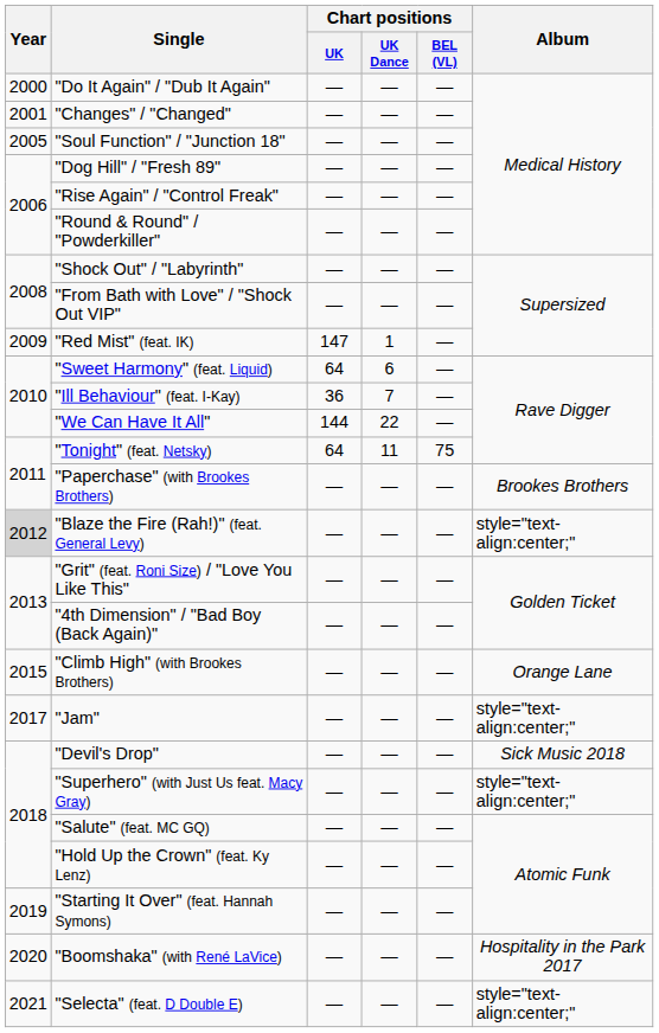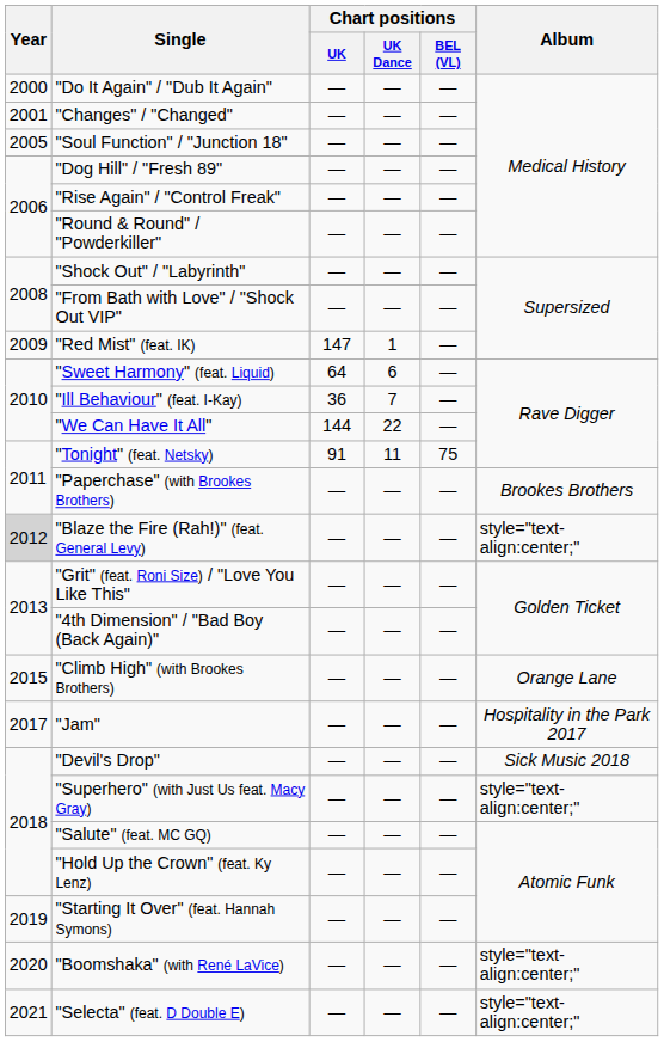 <table class="wikitable">
 <tr>
 <th rowspan="2">Year</th>
 <th rowspan="2">Single</th>
 <th colspan="3">Chart positions</th>
 <th rowspan="2">Album</th>
 </tr>
 <tr style="font-size:90%;">
 <th width=45><small> <a href='#'>UK</a><br></small></th>
 <th width=45><small> <a href='#'>UK<br>Dance</a></small></th>
 <th width=45><small> <a href='#'>BEL<br>(VL)</a><br></small></th>
 </tr>
 <tr>
 <td>2000</td>
 <td>"Do It Again" / "Dub It Again"</td>
 <td style="text-align:center;">—</td>
 <td style="text-align:center;">—</td>
 <td style="text-align:center;">—</td>
 <td rowspan="6" style="text-align:center;"><em>Medical History</em></td>
 </tr>
 <tr>
 <td>2001</td>
 <td>"Changes" / "Changed"</td>
 <td style="text-align:center;">—</td>
 <td style="text-align:center;">—</td>
 <td style="text-align:center;">—</td>
 </tr>
 <tr>
 <td>2005</td>
 <td>"Soul Function" / "Junction 18"</td>
 <td style="text-align:center;">—</td>
 <td style="text-align:center;">—</td>
 <td style="text-align:center;">—</td>
 </tr>
 <tr>
 <td rowspan="3">2006</td>
 <td>"Dog Hill" / "Fresh 89"</td>
 <td style="text-align:center;">—</td>
 <td style="text-align:center;">—</td>
 <td style="text-align:center;">—</td>
 </tr>
 <tr>
 <td>"Rise Again" / "Control Freak"</td>
 <td style="text-align:center;">—</td>
 <td style="text-align:center;">—</td>
 <td style="text-align:center;">—</td>
 </tr>
 <tr>
 <td>"Round & Round" / "Powderkiller"</td>
 <td style="text-align:center;">—</td>
 <td style="text-align:center;">—</td>
 <td style="text-align:center;">—</td>
 </tr>
 <tr>
 <td rowspan="2">2008</td>
 <td>"Shock Out" / "Labyrinth"</td>
 <td style="text-align:center;">—</td>
 <td style="text-align:center;">—</td>
 <td style="text-align:center;">—</td>
 <td rowspan="3" style="text-align:center;"><em>Supersized</em></td>
 </tr>
 <tr>
 <td>"From Bath with Love" / "Shock Out VIP"</td>
 <td style="text-align:center;">—</td>
 <td style="text-align:center;">—</td>
 <td style="text-align:center;">—</td>
 </tr>
 <tr>
 <td>2009</td>
 <td>"Red Mist" <small>(feat. IK)</small></td>
 <td style="text-align:center;">147<br></td>
 <td style="text-align:center;">1</td>
 <td style="text-align:center;">—</td>
 </tr>
 <tr>
 <td rowspan="3">2010</td>
 <td>"<a href='#'>Sweet Harmony</a>" <small>(feat. <a href='#'>Liquid</a>)</small></td>
 <td style="text-align:center;">64</td>
 <td style="text-align:center;">6</td>
 <td style="text-align:center;">—</td>
 <td rowspan="4" style="text-align:center;"><em>Rave Digger</em></td>
 </tr>
 <tr>
 <td>"<a href='#'>Ill Behaviour</a>" <small>(feat. I-Kay)</small></td>
 <td style="text-align:center;">36</td>
 <td style="text-align:center;">7</td>
 <td style="text-align:center;">—</td>
 </tr>
 <tr>
 <td>"<a href='#'>We Can Have It All</a>"</td>
 <td style="text-align:center;">144</td>
 <td style="text-align:center;">22</td>
 <td style="text-align:center;">—</td>
 </tr>
 <tr>
 <td rowspan="2">2011</td>
 <td>"<a href='#'>Tonight</a>" <small>(feat. <a href='#'>Netsky</a>)</small></td>
-<td style="text-align:center;">64</td>
+<td style="text-align:center;">91</td>
 <td style="text-align:center;">11</td>
 <td style="text-align:center;">75</td>
 </tr>
 <tr>
 <td>"Paperchase" <small>(with <a href='#'>Brookes Brothers</a>)</small></td>
 <td style="text-align:center;">—</td>
 <td style="text-align:center;">—</td>
 <td style="text-align:center;">—</td>
 <td style="text-align:center;"><em>Brookes Brothers</em></td>
 </tr>
 <tr>
 <td style="background: lightgrey;">2012</td>
 <td>"Blaze the Fire (Rah!)" <small>(feat. <a href='#'>General Levy</a>)</small></td>
 <td style="text-align:center;">—</td>
 <td style="text-align:center;">—</td>
 <td style="text-align:center;">—</td>
 <td>style="text-align:center;" </td>
 </tr>
 <tr>
 <td rowspan="2">2013</td>
 <td>"Grit" <small>(feat. <a href='#'>Roni Size</a>)</small> / "Love You Like This"</td>
 <td style="text-align:center;">—</td>
 <td style="text-align:center;">—</td>
 <td style="text-align:center;">—</td>
 <td rowspan="2" style="text-align:center;"><em>Golden Ticket</em></td>
 </tr>
 <tr>
 <td>"4th Dimension" / "Bad Boy (Back Again)"</td>
 <td style="text-align:center;">—</td>
 <td style="text-align:center;">—</td>
 <td style="text-align:center;">—</td>
 </tr>
 <tr>
 <td>2015</td>
 <td>"Climb High" <small>(with Brookes Brothers)</small></td>
 <td style="text-align:center;">—</td>
 <td style="text-align:center;">—</td>
 <td style="text-align:center;">—</td>
 <td style="text-align:center;"><em>Orange Lane</em></td>
 </tr>
 <tr>
 <td>2017</td>
 <td>"Jam"</td>
 <td style="text-align:center;">—</td>
 <td style="text-align:center;">—</td>
 <td style="text-align:center;">—</td>
-<td>style="text-align:center;" </td>
+<td style="text-align:center;"><em>Hospitality in the Park 2017</em></td>
 </tr>
 <tr>
 <td rowspan="4">2018</td>
 <td>"Devil's Drop"</td>
 <td style="text-align:center;">—</td>
 <td style="text-align:center;">—</td>
 <td style="text-align:center;">—</td>
 <td style="text-align:center;"><em>Sick Music 2018</em></td>
 </tr>
 <tr>
 <td>"Superhero" <small>(with Just Us feat. <a href='#'>Macy Gray</a>)</small></td>
 <td style="text-align:center;">—</td>
 <td style="text-align:center;">—</td>
 <td style="text-align:center;">—</td>
 <td>style="text-align:center;" </td>
 </tr>
 <tr>
 <td>"Salute" <small>(feat. MC GQ)</small></td>
 <td style="text-align:center;">—</td>
 <td style="text-align:center;">—</td>
 <td style="text-align:center;">—</td>
 <td rowspan="3" style="text-align:center;"><em>Atomic Funk</em></td>
 </tr>
 <tr>
 <td>"Hold Up the Crown" <small>(feat. Ky Lenz)</small></td>
 <td style="text-align:center;">—</td>
 <td style="text-align:center;">—</td>
 <td style="text-align:center;">—</td>
 </tr>
 <tr>
 <td>2019</td>
 <td>"Starting It Over" <small>(feat. Hannah Symons)</small></td>
 <td style="text-align:center;">—</td>
 <td style="text-align:center;">—</td>
 <td style="text-align:center;">—</td>
 </tr>
 <tr>
 <td>2020</td>
 <td>"Boomshaka" <small>(with <a href='#'>René LaVice</a>)</small></td>
 <td style="text-align:center;">—</td>
 <td style="text-align:center;">—</td>
 <td style="text-align:center;">—</td>
-<td style="text-align:center;"><em>Hospitality in the Park 2017</em></td>
+<td>style="text-align:center;" </td>
 </tr>
 <tr>
 <td>2021</td>
 <td>"Selecta" <small>(feat. <a href='#'>D Double E</a>)</small></td>
 <td style="text-align:center;">—</td>
 <td style="text-align:center;">—</td>
 <td style="text-align:center;">—</td>
 <td>style="text-align:center;" </td>
 </tr>
 </table>
